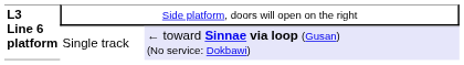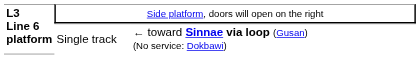 <table table border=0 cellspacing=0 cellpadding=3>
 <tr>
 <td style="border-top:solid 1px gray;border-bottom:solid 1px gray;" width=50 rowspan=10 valign=top><strong>L3<br>Line 6 platform</strong></td>
 <td style="border-top:solid 1px gray;border-right:solid 2px black;border-left:solid 2px black;border-bottom:solid 2px black;text-align:center;" colspan=2><small><a href='#'>Side platform</a>, doors will open on the right </small></td>
 </tr>
 <tr>
 <td style="border-bottom:solid 0px gray;border-top:solid 1px gray;" width=100>Single track</td>
-<td style="background: lavender; border-bottom:solid 0px gray;border-top:solid 1px gray;" width=390>←  toward <strong><a href='#'>Sinnae</a> via loop</strong> <small>(<a href='#'>Gusan</a>)</small><br><small>(No service: <a href='#'>Dokbawi</a>)</small></td>
+<td style="border-bottom:solid 0px gray;border-top:solid 1px gray;" width=390>←  toward <strong><a href='#'>Sinnae</a> via loop</strong> <small>(<a href='#'>Gusan</a>)</small><br><small>(No service: <a href='#'>Dokbawi</a>)</small></td>
 </tr>
 </table>
